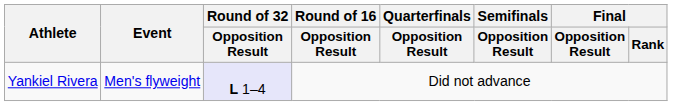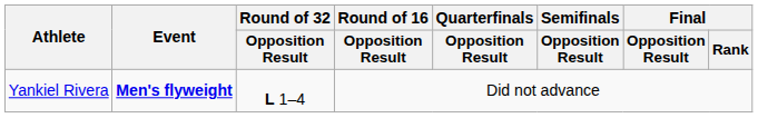 <table class="wikitable" style="font-size:90%">
 <tr>
 <th rowspan="2">Athlete</th>
 <th rowspan="2">Event</th>
 <th>Round of 32</th>
 <th>Round of 16</th>
 <th>Quarterfinals</th>
 <th>Semifinals</th>
 <th colspan=2>Final</th>
 </tr>
 <tr style="font-size:95%">
 <th>Opposition<br>Result</th>
 <th>Opposition<br>Result</th>
 <th>Opposition<br>Result</th>
 <th>Opposition<br>Result</th>
 <th>Opposition<br>Result</th>
 <th>Rank</th>
 </tr>
 <tr align=center>
 <td align=left><a href='#'>Yankiel Rivera</a></td>
-<td align=left><a href='#'>Men's flyweight</a></td>
-<td style="background: lavender;"><br><strong>L</strong> 1–4</td>
+<td align=left><strong><a href='#'>Men's flyweight</a></strong></td>
+<td><br><strong>L</strong> 1–4</td>
 <td colspan=5>Did not advance</td>
 </tr>
 </table>
